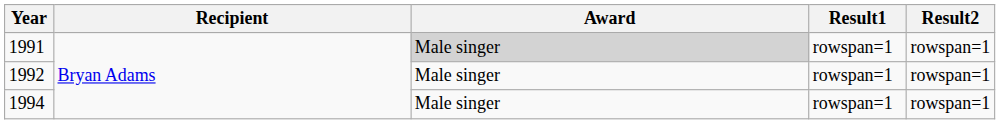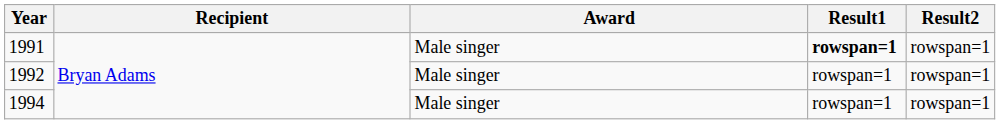 <table class="wikitable" style="width:70%;">
 <tr>
 <th width=5%>Year</th>
 <th style="width:40%;">Recipient</th>
 <th style="width:45%;">Award</th>
 <th style="width:10%;">Result1</th>
 <th style="width:10%;">Result2</th>
 </tr>
 <tr>
 <td>1991</td>
 <td rowspan="3"><a href='#'>Bryan Adams</a></td>
-<td style="background: lightgrey;">Male singer</td>
-<td>rowspan=1 </td>
+<td>Male singer</td>
+<td><strong>rowspan=1 </strong></td>
 <td>rowspan=1 </td>
 </tr>
 <tr>
 <td>1992</td>
 <td>Male singer</td>
 <td>rowspan=1 </td>
 <td>rowspan=1 </td>
 </tr>
 <tr>
 <td>1994</td>
 <td>Male singer</td>
 <td>rowspan=1 </td>
 <td>rowspan=1 </td>
 </tr>
 </table>
